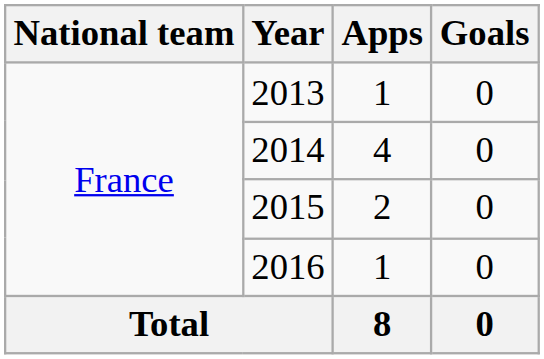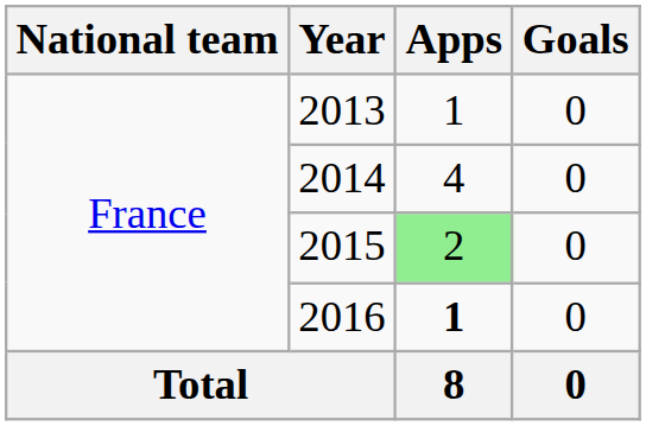 <table class="wikitable" style="text-align: center;">
 <tr>
 <th>National team</th>
 <th>Year</th>
 <th>Apps</th>
 <th>Goals</th>
 </tr>
 <tr>
 <td rowspan="4"><a href='#'>France</a></td>
 <td>2013</td>
 <td>1</td>
 <td>0</td>
 </tr>
 <tr>
 <td>2014</td>
 <td>4</td>
 <td>0</td>
 </tr>
 <tr>
 <td>2015</td>
-<td>2</td>
+<td style="background: lightgreen;">2</td>
 <td>0</td>
 </tr>
 <tr>
 <td>2016</td>
-<td>1</td>
+<td><strong>1</strong></td>
 <td>0</td>
 </tr>
 <tr>
 <th colspan="2">Total</th>
 <th>8</th>
 <th>0</th>
 </tr>
 </table>
